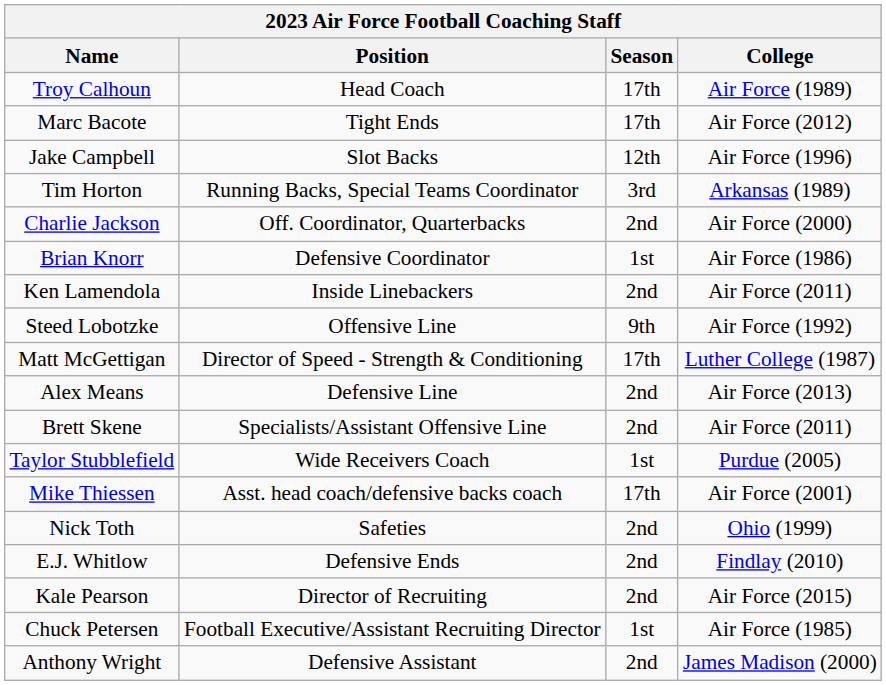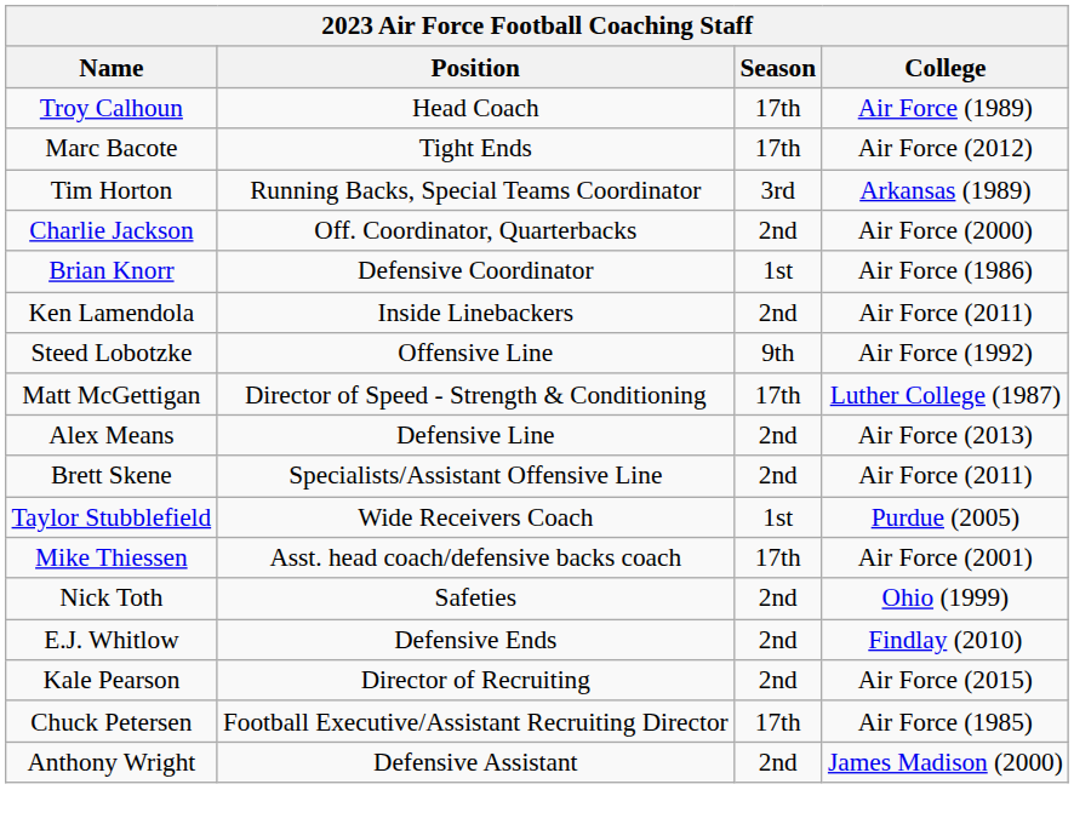 <table class="wikitable" style="text-align:center">
 <tr>
 <th colspan=4>2023 Air Force Football Coaching Staff</th>
 </tr>
 <tr>
 <th>Name</th>
 <th>Position</th>
 <th>Season</th>
 <th>College</th>
 </tr>
 <tr>
 <td><a href='#'>Troy Calhoun</a></td>
 <td>Head Coach</td>
 <td>17th</td>
 <td><a href='#'>Air Force</a> (1989)</td>
 </tr>
 <tr>
 <td>Marc Bacote</td>
 <td>Tight Ends</td>
 <td>17th</td>
 <td>Air Force (2012)</td>
-</tr>
-<tr>
-<td>Jake Campbell</td>
-<td>Slot Backs</td>
-<td>12th</td>
-<td>Air Force (1996)</td>
 </tr>
 <tr>
 <td>Tim Horton</td>
 <td>Running Backs, Special Teams Coordinator</td>
 <td>3rd</td>
 <td><a href='#'>Arkansas</a> (1989)</td>
 </tr>
 <tr>
 <td><a href='#'>Charlie Jackson</a></td>
 <td>Off. Coordinator, Quarterbacks</td>
 <td>2nd</td>
 <td>Air Force (2000)</td>
 </tr>
 <tr>
 <td><a href='#'>Brian Knorr</a></td>
 <td>Defensive Coordinator</td>
 <td>1st</td>
 <td>Air Force (1986)</td>
 </tr>
 <tr>
 <td>Ken Lamendola</td>
 <td>Inside Linebackers</td>
 <td>2nd</td>
 <td>Air Force (2011)</td>
 </tr>
 <tr>
 <td>Steed Lobotzke</td>
 <td>Offensive Line</td>
 <td>9th</td>
 <td>Air Force (1992)</td>
 </tr>
 <tr>
 <td>Matt McGettigan</td>
 <td>Director of Speed - Strength & Conditioning</td>
 <td>17th</td>
 <td><a href='#'>Luther College</a> (1987)</td>
 </tr>
 <tr>
 <td>Alex Means</td>
 <td>Defensive Line</td>
 <td>2nd</td>
 <td>Air Force (2013)</td>
 </tr>
 <tr>
 <td>Brett Skene</td>
 <td>Specialists/Assistant Offensive Line</td>
 <td>2nd</td>
 <td>Air Force (2011)</td>
 </tr>
 <tr>
 <td><a href='#'>Taylor Stubblefield</a></td>
 <td>Wide Receivers Coach</td>
 <td>1st</td>
 <td><a href='#'>Purdue</a> (2005)</td>
 </tr>
 <tr>
 <td><a href='#'>Mike Thiessen</a></td>
 <td>Asst. head coach/defensive backs coach</td>
 <td>17th</td>
 <td>Air Force (2001)</td>
 </tr>
 <tr>
 <td>Nick Toth</td>
 <td>Safeties</td>
 <td>2nd</td>
 <td><a href='#'>Ohio</a> (1999)</td>
 </tr>
 <tr>
 <td>E.J. Whitlow</td>
 <td>Defensive Ends</td>
 <td>2nd</td>
 <td><a href='#'>Findlay</a> (2010)</td>
 </tr>
 <tr>
 <td>Kale Pearson</td>
 <td>Director of Recruiting</td>
 <td>2nd</td>
 <td>Air Force (2015)</td>
 </tr>
 <tr>
 <td>Chuck Petersen</td>
 <td>Football Executive/Assistant Recruiting Director</td>
-<td>1st</td>
+<td>17th</td>
 <td>Air Force (1985)</td>
 </tr>
 <tr>
 <td>Anthony Wright</td>
 <td>Defensive Assistant</td>
 <td>2nd</td>
 <td><a href='#'>James Madison</a> (2000)</td>
 </tr>
 </table>
